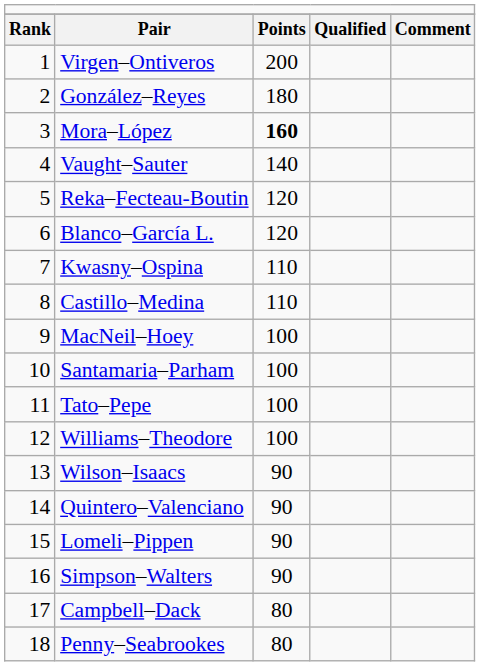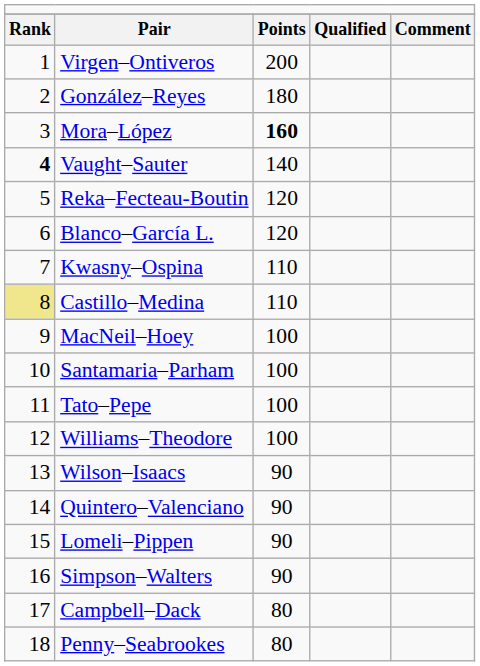 <table class="wikitable">
 <tr>
 <td colspan=5 align="center"></td>
 </tr>
 <tr>
 </tr>
 <tr style="font-size:10pt;font-weight:bold">
 <th>Rank</th>
 <th>Pair</th>
 <th>Points</th>
 <th>Qualified</th>
 <th>Comment</th>
 </tr>
 <tr>
 <td align=right>1</td>
 <td> <a href='#'>Virgen</a>–<a href='#'>Ontiveros</a></td>
 <td align=center>200</td>
 <td></td>
 <td></td>
 </tr>
 <tr>
 <td align=right>2</td>
 <td> <a href='#'>González</a>–<a href='#'>Reyes</a></td>
 <td align=center>180</td>
 <td></td>
 <td></td>
 </tr>
 <tr>
 <td align=right>3</td>
 <td> <a href='#'>Mora</a>–<a href='#'>López</a></td>
 <td align=center><strong>160</strong></td>
 <td></td>
 <td></td>
 </tr>
 <tr>
-<td align=right>4</td>
+<td align=right><strong>4</strong></td>
 <td> <a href='#'>Vaught</a>–<a href='#'>Sauter</a></td>
 <td align=center>140</td>
 <td></td>
 <td></td>
 </tr>
 <tr>
 <td align=right>5</td>
 <td> <a href='#'>Reka</a>–<a href='#'>Fecteau-Boutin</a></td>
 <td align=center>120</td>
 <td></td>
 <td></td>
 </tr>
 <tr>
 <td align=right>6</td>
 <td> <a href='#'>Blanco</a>–<a href='#'>García L.</a></td>
 <td align=center>120</td>
 <td></td>
 <td></td>
 </tr>
 <tr>
 <td align=right>7</td>
 <td> <a href='#'>Kwasny</a>–<a href='#'>Ospina</a></td>
 <td align=center>110</td>
 <td></td>
 <td></td>
 </tr>
 <tr>
-<td align=right>8</td>
+<td align=right style="background: khaki;">8</td>
 <td> <a href='#'>Castillo</a>–<a href='#'>Medina</a></td>
 <td align=center>110</td>
 <td></td>
 <td></td>
 </tr>
 <tr>
 <td align=right>9</td>
 <td> <a href='#'>MacNeil</a>–<a href='#'>Hoey</a></td>
 <td align=center>100</td>
 <td></td>
 <td></td>
 </tr>
 <tr>
 <td align=right>10</td>
 <td> <a href='#'>Santamaria</a>–<a href='#'>Parham</a></td>
 <td align=center>100</td>
 <td></td>
 <td></td>
 </tr>
 <tr>
 <td align=right>11</td>
 <td> <a href='#'>Tato</a>–<a href='#'>Pepe</a></td>
 <td align=center>100</td>
 <td></td>
 <td></td>
 </tr>
 <tr>
 <td align=right>12</td>
 <td> <a href='#'>Williams</a>–<a href='#'>Theodore</a></td>
 <td align=center>100</td>
 <td></td>
 <td></td>
 </tr>
 <tr>
 <td align=right>13</td>
 <td> <a href='#'>Wilson</a>–<a href='#'>Isaacs</a></td>
 <td align=center>90</td>
 <td></td>
 <td></td>
 </tr>
 <tr>
 <td align=right>14</td>
 <td> <a href='#'>Quintero</a>–<a href='#'>Valenciano</a></td>
 <td align=center>90</td>
 <td></td>
 <td></td>
 </tr>
 <tr>
 <td align=right>15</td>
 <td> <a href='#'>Lomeli</a>–<a href='#'>Pippen</a></td>
 <td align=center>90</td>
 <td></td>
 <td></td>
 </tr>
 <tr>
 <td align=right>16</td>
 <td> <a href='#'>Simpson</a>–<a href='#'>Walters</a></td>
 <td align=center>90</td>
 <td></td>
 <td></td>
 </tr>
 <tr>
 <td align=right>17</td>
 <td> <a href='#'>Campbell</a>–<a href='#'>Dack</a></td>
 <td align=center>80</td>
 <td></td>
 <td></td>
 </tr>
 <tr>
 <td align=right>18</td>
 <td> <a href='#'>Penny</a>–<a href='#'>Seabrookes</a></td>
 <td align=center>80</td>
 <td></td>
 <td></td>
 </tr>
 </table>
